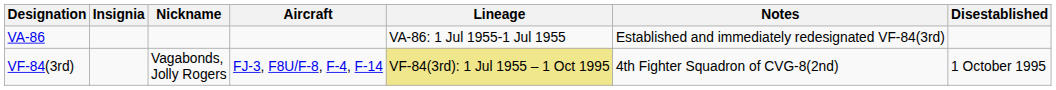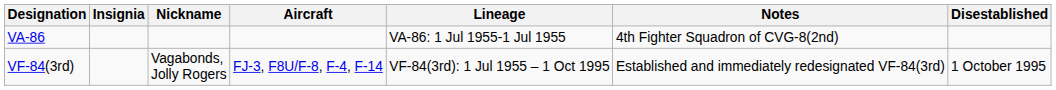 <table class="wikitable">
 <tr>
 <th>Designation</th>
 <th>Insignia</th>
 <th>Nickname</th>
 <th>Aircraft</th>
 <th>Lineage</th>
 <th>Notes</th>
 <th>Disestablished</th>
 </tr>
 <tr>
 <td><a href='#'>VA-86</a></td>
 <td></td>
 <td></td>
 <td></td>
 <td>VA-86: 1 Jul 1955-1 Jul 1955</td>
-<td>Established and immediately redesignated VF-84(3rd)</td>
+<td>4th Fighter Squadron of CVG-8(2nd)</td>
 </tr>
 <tr>
 <td><a href='#'>VF-84</a>(3rd)</td>
 <td><br></td>
 <td>Vagabonds,<br>Jolly Rogers</td>
 <td><a href='#'>FJ-3</a>, <a href='#'>F8U/F-8</a>, <a href='#'>F-4</a>, <a href='#'>F-14</a></td>
-<td style="background: khaki; white-space: nowrap;">VF-84(3rd): 1 Jul 1955 – 1 Oct 1995</td>
-<td>4th Fighter Squadron of CVG-8(2nd)</td>
+<td style="white-space: nowrap;">VF-84(3rd): 1 Jul 1955 – 1 Oct 1995</td>
+<td>Established and immediately redesignated VF-84(3rd)</td>
 <td>1 October 1995</td>
 </tr>
 </table>
